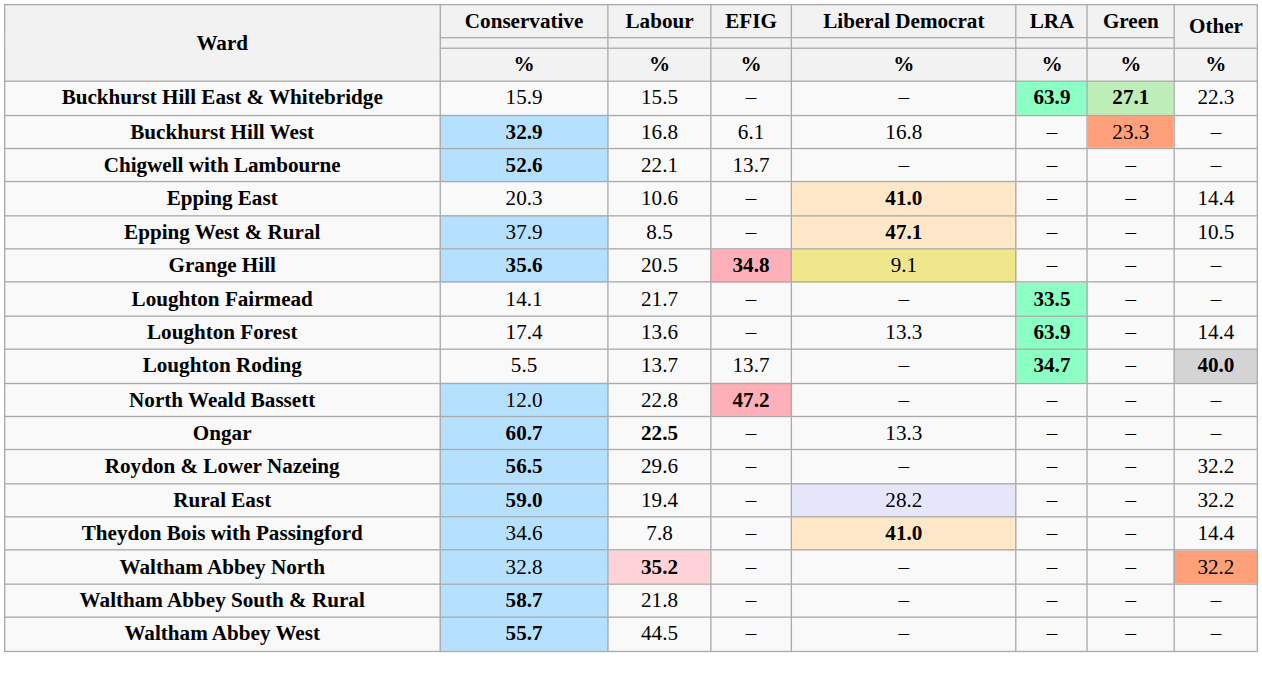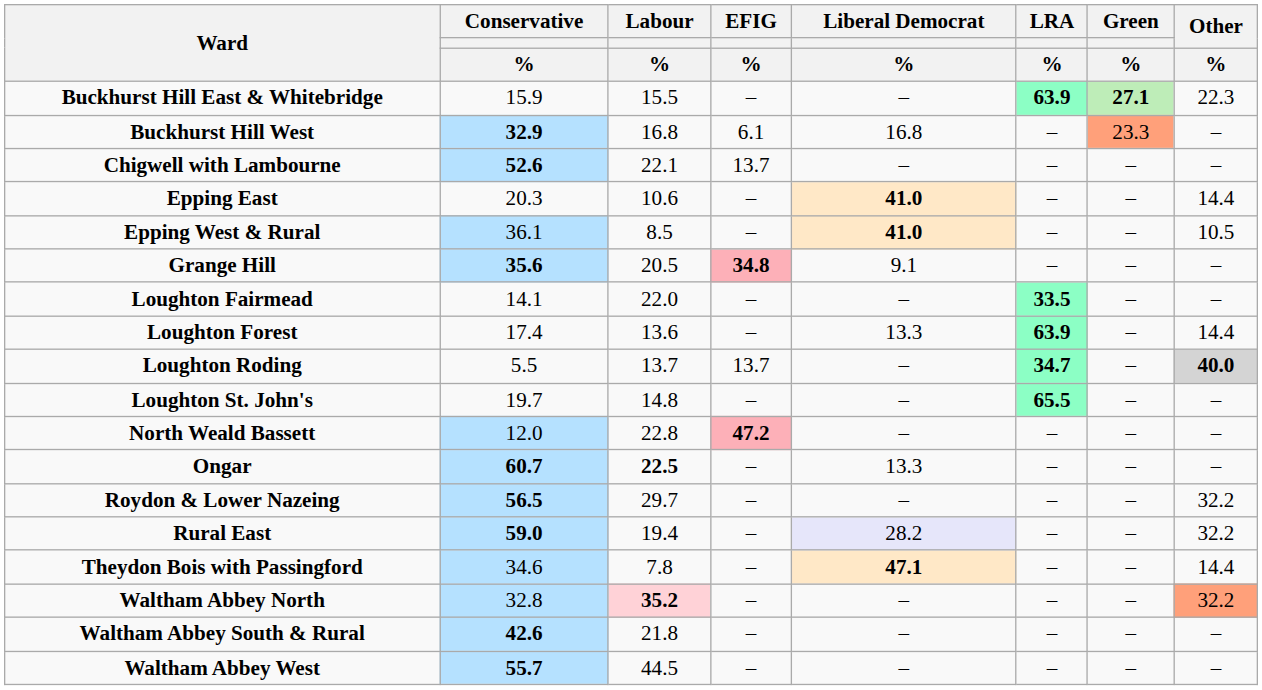 <table width="60%"  class="wikitable sortable" style="text-align:center">
 <tr>
 <th style="text-align:center;" rowspan="3">Ward</th>
 <th style="text-align:center;">Conservative</th>
 <th style="text-align:center;">Labour</th>
 <th style="text-align:center;">EFIG</th>
 <th style="text-align:center;">Liberal Democrat</th>
 <th style="text-align:center;">LRA</th>
 <th style="text-align:center;">Green</th>
 <th rowspan="2">Other</th>
 </tr>
 <tr>
 <th data-sort-type="number" style="background:"></th>
 <th data-sort-type="number" style="background:"></th>
 <th data-sort-type="number" style="background:"></th>
 <th data-sort-type="number" style="background:"></th>
 <th data-sort-type="number" style="background:"></th>
 <th data-sort-type="number" style="background:"></th>
 </tr>
 <tr>
 <th>%</th>
 <th>%</th>
 <th>%</th>
 <th>%</th>
 <th>%</th>
 <th>%</th>
 <th>%</th>
 </tr>
 <tr>
 <td><strong>Buckhurst Hill East & Whitebridge</strong></td>
 <td>15.9</td>
 <td>15.5</td>
 <td>–</td>
 <td>–</td>
 <td style="background:#8cffc5; color: black;"><strong>63.9</strong></td>
 <td style="background:#beedb8; color: black;"><strong>27.1</strong></td>
 <td>22.3</td>
 </tr>
 <tr>
 <td><strong>Buckhurst Hill West</strong></td>
 <td style="background:#b5e1ff; color: black;"><strong>32.9</strong></td>
 <td>16.8</td>
 <td>6.1</td>
 <td>16.8</td>
 <td>–</td>
 <td style="background: lightsalmon;">23.3</td>
 <td>–</td>
 </tr>
 <tr>
 <td><strong>Chigwell with Lambourne</strong></td>
 <td style="background:#b5e1ff; color: black;"><strong>52.6</strong></td>
 <td>22.1</td>
 <td>13.7</td>
 <td>–</td>
 <td>–</td>
 <td>–</td>
 <td>–</td>
 </tr>
 <tr>
 <td><strong>Epping East</strong></td>
 <td>20.3</td>
 <td>10.6</td>
 <td>–</td>
 <td style="background:#ffe8c7; color: black;"><strong>41.0</strong></td>
 <td>–</td>
 <td>–</td>
 <td>14.4</td>
 </tr>
 <tr>
 <td><strong>Epping West & Rural</strong></td>
-<td style="background:#b5e1ff; color: black;">37.9</td>
+<td style="background:#b5e1ff; color: black;">36.1</td>
 <td>8.5</td>
 <td>–</td>
-<td style="background:#ffe8c7; color: black;"><strong>47.1</strong></td>
+<td style="background:#ffe8c7; color: black;"><strong>41.0</strong></td>
 <td>–</td>
 <td>–</td>
 <td>10.5</td>
 </tr>
 <tr>
 <td><strong>Grange Hill</strong></td>
 <td style="background:#b5e1ff; color: black;"><strong>35.6</strong></td>
 <td>20.5</td>
 <td style="background:#fdb0b8; color: black;"><strong>34.8</strong></td>
-<td style="background: khaki;">9.1</td>
+<td>9.1</td>
 <td>–</td>
 <td>–</td>
 <td>–</td>
 </tr>
 <tr>
 <td><strong>Loughton Fairmead</strong></td>
 <td>14.1</td>
-<td>21.7</td>
+<td>22.0</td>
 <td>–</td>
 <td>–</td>
 <td style="background:#8cffc5; color: black;"><strong>33.5</strong></td>
 <td>–</td>
 <td>–</td>
 </tr>
 <tr>
 <td><strong>Loughton Forest</strong></td>
 <td>17.4</td>
 <td>13.6</td>
 <td>–</td>
 <td>13.3</td>
 <td style="background:#8cffc5; color: black;"><strong>63.9</strong></td>
 <td>–</td>
 <td>14.4</td>
 </tr>
 <tr>
 <td><strong>Loughton Roding</strong></td>
 <td>5.5</td>
 <td>13.7</td>
 <td>13.7</td>
 <td>–</td>
 <td style="background:#8cffc5; color: black;"><strong>34.7</strong></td>
 <td>–</td>
 <td style="background:#d4d4d4; color: black;"><strong>40.0</strong></td>
 </tr>
 <tr>
+<td><strong>Loughton St. John's</strong></td>
+<td>19.7</td>
+<td>14.8</td>
+<td>–</td>
+<td>–</td>
+<td style="background:#8cffc5; color: black;"><strong>65.5</strong></td>
+<td>–</td>
+<td>–</td>
+</tr>
+<tr>
 <td><strong>North Weald Bassett</strong></td>
 <td style="background:#b5e1ff; color: black;">12.0</td>
 <td>22.8</td>
 <td style="background:#fdb0b8; color: black;"><strong>47.2</strong></td>
 <td>–</td>
 <td>–</td>
 <td>–</td>
 <td>–</td>
 </tr>
 <tr>
 <td><strong>Ongar</strong></td>
 <td style="background:#b5e1ff; color: black;"><strong>60.7</strong></td>
 <td><strong>22.5</strong></td>
 <td>–</td>
 <td>13.3</td>
 <td>–</td>
 <td>–</td>
 <td>–</td>
 </tr>
 <tr>
 <td><strong>Roydon & Lower Nazeing</strong></td>
 <td style="background:#b5e1ff; color: black;"><strong>56.5</strong></td>
-<td>29.6</td>
+<td>29.7</td>
 <td>–</td>
 <td>–</td>
 <td>–</td>
 <td>–</td>
 <td>32.2</td>
 </tr>
 <tr>
 <td><strong>Rural East</strong></td>
 <td style="background:#b5e1ff; color: black;"><strong>59.0</strong></td>
 <td>19.4</td>
 <td>–</td>
 <td style="background: lavender;">28.2</td>
 <td>–</td>
 <td>–</td>
 <td>32.2</td>
 </tr>
 <tr>
 <td><strong>Theydon Bois with Passingford</strong></td>
 <td style="background:#b5e1ff; color: black;">34.6</td>
 <td>7.8</td>
 <td>–</td>
-<td style="background:#ffe8c7; color: black;"><strong>41.0</strong></td>
+<td style="background:#ffe8c7; color: black;"><strong>47.1</strong></td>
 <td>–</td>
 <td>–</td>
 <td>14.4</td>
 </tr>
 <tr>
 <td><strong>Waltham Abbey North</strong></td>
 <td style="background:#b5e1ff; color: black;">32.8</td>
 <td style="background:#ffd2d7; color: black;"><strong>35.2</strong></td>
 <td>–</td>
 <td>–</td>
 <td>–</td>
 <td>–</td>
 <td style="background: lightsalmon;">32.2</td>
 </tr>
 <tr>
 <td><strong>Waltham Abbey South & Rural</strong></td>
-<td style="background:#b5e1ff; color: black;"><strong>58.7</strong></td>
+<td style="background:#b5e1ff; color: black;"><strong>42.6</strong></td>
 <td>21.8</td>
 <td>–</td>
 <td>–</td>
 <td>–</td>
 <td>–</td>
 <td>–</td>
 </tr>
 <tr>
 <td><strong>Waltham Abbey West</strong></td>
 <td style="background:#b5e1ff; color: black;"><strong>55.7</strong></td>
 <td>44.5</td>
 <td>–</td>
 <td>–</td>
 <td>–</td>
 <td>–</td>
 <td>–</td>
 </tr>
 </table>
